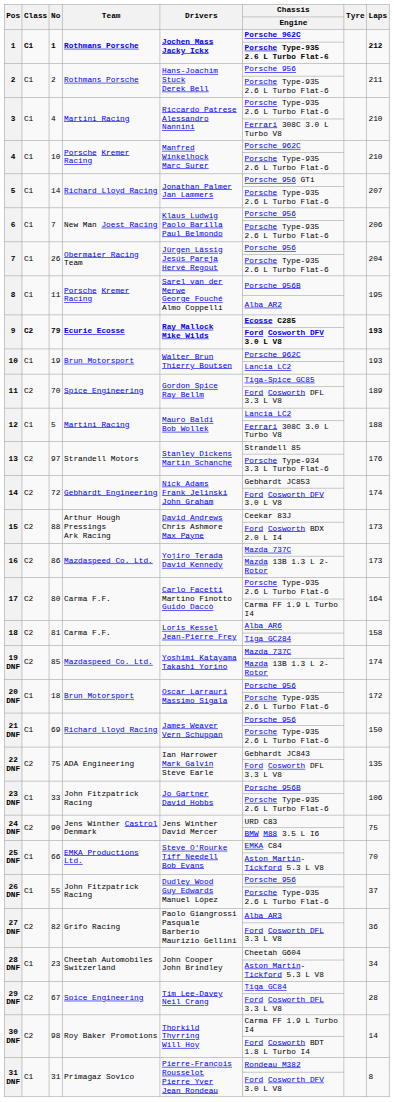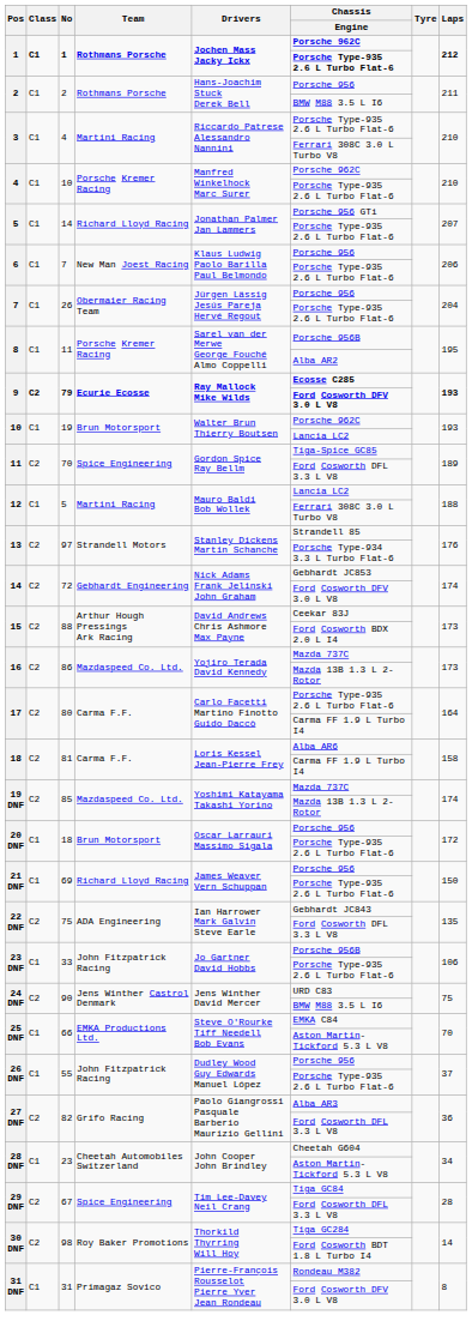 <table class="wikitable" style="font-size: 95%;">
 <tr>
 <th rowspan=2>Pos</th>
 <th rowspan=2>Class</th>
 <th rowspan=2>No</th>
 <th rowspan=2>Team</th>
 <th rowspan=2>Drivers</th>
 <th>Chassis</th>
 <th rowspan=2>Tyre</th>
 <th rowspan=2>Laps</th>
 </tr>
 <tr>
 <th>Engine</th>
 </tr>
 <tr style="font-weight:bold">
 <th rowspan=2>1</th>
 <td rowspan=2>C1</td>
 <td rowspan=2>1</td>
 <td rowspan=2> <a href='#'>Rothmans Porsche</a></td>
 <td rowspan=2> <a href='#'>Jochen Mass</a><br> <a href='#'>Jacky Ickx</a></td>
 <td><a href='#'>Porsche 962C</a></td>
 <td rowspan=2></td>
 <td rowspan=2>212</td>
 </tr>
 <tr style="font-weight:bold">
 <td><a href='#'>Porsche</a> Type-935 2.6 L Turbo Flat-6</td>
 </tr>
 <tr>
 <th rowspan=2>2</th>
 <td rowspan=2>C1</td>
 <td rowspan=2>2</td>
 <td rowspan=2> <a href='#'>Rothmans Porsche</a></td>
 <td rowspan=2> <a href='#'>Hans-Joachim Stuck</a><br> <a href='#'>Derek Bell</a></td>
 <td><a href='#'>Porsche 956</a></td>
 <td rowspan=2></td>
 <td rowspan=2>211</td>
 </tr>
 <tr>
-<td><a href='#'>Porsche</a> Type-935 2.6 L Turbo Flat-6</td>
+<td><a href='#'>BMW</a> <a href='#'>M88</a> 3.5 L I6</td>
 </tr>
 <tr>
 <th rowspan=2>3</th>
 <td rowspan=2>C1</td>
 <td rowspan=2>4</td>
 <td rowspan=2> <a href='#'>Martini Racing</a></td>
 <td rowspan=2> <a href='#'>Riccardo Patrese</a><br> <a href='#'>Alessandro Nannini</a></td>
 <td><a href='#'>Porsche</a> Type-935 2.6 L Turbo Flat-6</td>
 <td rowspan=2></td>
 <td rowspan=2>210</td>
 </tr>
 <tr>
 <td><a href='#'>Ferrari</a> 308C 3.0 L Turbo V8</td>
 </tr>
 <tr>
 <th rowspan=2>4</th>
 <td rowspan=2>C1</td>
 <td rowspan=2>10</td>
 <td rowspan=2> <a href='#'>Porsche</a> <a href='#'>Kremer Racing</a></td>
 <td rowspan=2> <a href='#'>Manfred Winkelhock</a><br> <a href='#'>Marc Surer</a></td>
 <td><a href='#'>Porsche 962C</a></td>
 <td rowspan=2></td>
 <td rowspan=2>210</td>
 </tr>
 <tr>
 <td><a href='#'>Porsche</a> Type-935 2.6 L Turbo Flat-6</td>
 </tr>
 <tr>
 <th rowspan=2>5</th>
 <td rowspan=2>C1</td>
 <td rowspan=2>14</td>
 <td rowspan=2> <a href='#'>Richard Lloyd Racing</a></td>
 <td rowspan=2> <a href='#'>Jonathan Palmer</a><br> <a href='#'>Jan Lammers</a></td>
 <td><a href='#'>Porsche 956</a> GTi</td>
 <td rowspan=2></td>
 <td rowspan=2>207</td>
 </tr>
 <tr>
 <td><a href='#'>Porsche</a> Type-935 2.6 L Turbo Flat-6</td>
 </tr>
 <tr>
 <th rowspan=2>6</th>
 <td rowspan=2>C1</td>
 <td rowspan=2>7</td>
 <td rowspan=2> New Man <a href='#'>Joest Racing</a></td>
 <td rowspan=2> <a href='#'>Klaus Ludwig</a><br> <a href='#'>Paolo Barilla</a><br> <a href='#'>Paul Belmondo</a></td>
 <td><a href='#'>Porsche 956</a></td>
 <td rowspan=2></td>
 <td rowspan=2>206</td>
 </tr>
 <tr>
 <td><a href='#'>Porsche</a> Type-935 2.6 L Turbo Flat-6</td>
 </tr>
 <tr>
 <th rowspan=2>7</th>
 <td rowspan=2>C1</td>
 <td rowspan=2>26</td>
 <td rowspan=2> <a href='#'>Obermaier Racing</a> Team</td>
 <td rowspan=2> <a href='#'>Jürgen Lässig</a><br> <a href='#'>Jesús Pareja</a><br> <a href='#'>Hervé Regout</a></td>
 <td><a href='#'>Porsche 956</a></td>
 <td rowspan=2></td>
 <td rowspan=2>204</td>
 </tr>
 <tr>
 <td><a href='#'>Porsche</a> Type-935 2.6 L Turbo Flat-6</td>
 </tr>
 <tr>
 <th rowspan=2>8</th>
 <td rowspan=2>C1</td>
 <td rowspan=2>11</td>
 <td rowspan=2> <a href='#'>Porsche</a> <a href='#'>Kremer Racing</a></td>
 <td rowspan=2> <a href='#'>Sarel van der Merwe</a><br> <a href='#'>George Fouché</a><br> Almo Coppelli</td>
 <td><a href='#'>Porsche 956B</a></td>
 <td rowspan=2></td>
 <td rowspan=2>195</td>
 </tr>
 <tr>
 <td><a href='#'>Alba AR2</a></td>
 </tr>
 <tr style="font-weight:bold">
 <th rowspan=2>9</th>
 <td rowspan=2>C2</td>
 <td rowspan=2>79</td>
 <td rowspan=2> <a href='#'>Ecurie Ecosse</a></td>
 <td rowspan=2> <a href='#'>Ray Mallock</a><br> <a href='#'>Mike Wilds</a></td>
 <td><a href='#'>Ecosse</a> C285</td>
 <td rowspan=2></td>
 <td rowspan=2>193</td>
 </tr>
 <tr style="font-weight:bold">
 <td><a href='#'>Ford</a> <a href='#'>Cosworth DFV</a> 3.0 L V8</td>
 </tr>
 <tr>
 <th rowspan=2>10</th>
 <td rowspan=2>C1</td>
 <td rowspan=2>19</td>
 <td rowspan=2> <a href='#'>Brun Motorsport</a></td>
 <td rowspan=2> <a href='#'>Walter Brun</a><br> <a href='#'>Thierry Boutsen</a></td>
 <td><a href='#'>Porsche 962C</a></td>
 <td rowspan=2></td>
 <td rowspan=2>193</td>
 </tr>
 <tr>
 <td><a href='#'>Lancia LC2</a></td>
 </tr>
 <tr>
 <th rowspan=2>11</th>
 <td rowspan=2>C2</td>
 <td rowspan=2>70</td>
 <td rowspan=2> <a href='#'>Spice Engineering</a></td>
 <td rowspan=2> <a href='#'>Gordon Spice</a><br> <a href='#'>Ray Bellm</a></td>
 <td><a href='#'>Tiga-Spice GC85</a></td>
 <td rowspan=2></td>
 <td rowspan=2>189</td>
 </tr>
 <tr>
 <td><a href='#'>Ford</a> <a href='#'>Cosworth</a> DFL 3.3 L V8</td>
 </tr>
 <tr>
 <th rowspan=2>12</th>
 <td rowspan=2>C1</td>
 <td rowspan=2>5</td>
 <td rowspan=2> <a href='#'>Martini Racing</a></td>
 <td rowspan=2> <a href='#'>Mauro Baldi</a><br> <a href='#'>Bob Wollek</a></td>
 <td><a href='#'>Lancia LC2</a></td>
 <td rowspan=2></td>
 <td rowspan=2>188</td>
 </tr>
 <tr>
 <td><a href='#'>Ferrari</a> 308C 3.0 L Turbo V8</td>
 </tr>
 <tr>
 <th rowspan=2>13</th>
 <td rowspan=2>C2</td>
 <td rowspan=2>97</td>
 <td rowspan=2> Strandell Motors</td>
 <td rowspan=2> <a href='#'>Stanley Dickens</a><br> <a href='#'>Martin Schanche</a></td>
 <td>Strandell 85</td>
 <td rowspan=2></td>
 <td rowspan=2>176</td>
 </tr>
 <tr>
 <td><a href='#'>Porsche</a> Type-934 3.3 L Turbo Flat-6</td>
 </tr>
 <tr>
 <th rowspan=2>14</th>
 <td rowspan=2>C2</td>
 <td rowspan=2>72</td>
 <td rowspan=2> <a href='#'>Gebhardt Engineering</a></td>
 <td rowspan=2> <a href='#'>Nick Adams</a><br> <a href='#'>Frank Jelinski</a><br> <a href='#'>John Graham</a></td>
 <td>Gebhardt JC853</td>
 <td rowspan=2></td>
 <td rowspan=2>174</td>
 </tr>
 <tr>
 <td><a href='#'>Ford</a> <a href='#'>Cosworth DFV</a> 3.0 L V8</td>
 </tr>
 <tr>
 <th rowspan=2>15</th>
 <td rowspan=2>C2</td>
 <td rowspan=2>88</td>
 <td rowspan=2> Arthur Hough Pressings<br> Ark Racing</td>
 <td rowspan=2> <a href='#'>David Andrews</a><br> Chris Ashmore<br> <a href='#'>Max Payne</a></td>
 <td>Ceekar 83J</td>
 <td rowspan=2></td>
 <td rowspan=2>173</td>
 </tr>
 <tr>
 <td><a href='#'>Ford</a> <a href='#'>Cosworth</a> BDX 2.0 L I4</td>
 </tr>
 <tr>
 <th rowspan=2>16</th>
 <td rowspan=2>C2</td>
 <td rowspan=2>86</td>
 <td rowspan=2> <a href='#'>Mazdaspeed Co. Ltd.</a></td>
 <td rowspan=2> <a href='#'>Yojiro Terada</a><br> <a href='#'>David Kennedy</a></td>
 <td><a href='#'>Mazda 737C</a></td>
 <td rowspan=2></td>
 <td rowspan=2>173</td>
 </tr>
 <tr>
 <td><a href='#'>Mazda</a> 13B 1.3 L 2-<a href='#'>Rotor</a></td>
 </tr>
 <tr>
 <th rowspan=2>17</th>
 <td rowspan=2>C2</td>
 <td rowspan=2>80</td>
 <td rowspan=2> Carma F.F.</td>
 <td rowspan=2> <a href='#'>Carlo Facetti</a><br> Martino Finotto<br> <a href='#'>Guido Daccò</a></td>
 <td><a href='#'>Porsche</a> Type-935 2.6 L Turbo Flat-6</td>
 <td rowspan=2></td>
 <td rowspan=2>164</td>
 </tr>
 <tr>
 <td>Carma FF 1.9 L Turbo I4</td>
 </tr>
 <tr>
 <th rowspan=2>18</th>
 <td rowspan=2>C2</td>
 <td rowspan=2>81</td>
 <td rowspan=2> Carma F.F.</td>
 <td rowspan=2> <a href='#'>Loris Kessel</a><br> <a href='#'>Jean-Pierre Frey</a></td>
 <td><a href='#'>Alba AR6</a></td>
 <td rowspan=2></td>
 <td rowspan=2>158</td>
 </tr>
 <tr>
-<td><a href='#'>Tiga GC284</a></td>
+<td>Carma FF 1.9 L Turbo I4</td>
 </tr>
 <tr>
 <th rowspan=2>19<br>DNF</th>
 <td rowspan=2>C2</td>
 <td rowspan=2>85</td>
 <td rowspan=2> <a href='#'>Mazdaspeed Co. Ltd.</a></td>
 <td rowspan=2> <a href='#'>Yoshimi Katayama</a><br> <a href='#'>Takashi Yorino</a></td>
 <td><a href='#'>Mazda 737C</a></td>
 <td rowspan=2></td>
 <td rowspan=2>174</td>
 </tr>
 <tr>
 <td><a href='#'>Mazda</a> 13B 1.3 L 2-<a href='#'>Rotor</a></td>
 </tr>
 <tr>
 <th rowspan=2>20<br>DNF</th>
 <td rowspan=2>C1</td>
 <td rowspan=2>18</td>
 <td rowspan=2> <a href='#'>Brun Motorsport</a></td>
 <td rowspan=2> <a href='#'>Oscar Larrauri</a><br> <a href='#'>Massimo Sigala</a></td>
 <td><a href='#'>Porsche 956</a></td>
 <td rowspan=2></td>
 <td rowspan=2>172</td>
 </tr>
 <tr>
 <td><a href='#'>Porsche</a> Type-935 2.6 L Turbo Flat-6</td>
 </tr>
 <tr>
 <th rowspan=2>21<br>DNF</th>
 <td rowspan=2>C1</td>
 <td rowspan=2>69</td>
 <td rowspan=2> <a href='#'>Richard Lloyd Racing</a></td>
 <td rowspan=2> <a href='#'>James Weaver</a><br> <a href='#'>Vern Schuppan</a></td>
 <td><a href='#'>Porsche 956</a></td>
 <td rowspan=2></td>
 <td rowspan=2>150</td>
 </tr>
 <tr>
 <td><a href='#'>Porsche</a> Type-935 2.6 L Turbo Flat-6</td>
 </tr>
 <tr>
 <th rowspan=2>22<br>DNF</th>
 <td rowspan=2>C2</td>
 <td rowspan=2>75</td>
 <td rowspan=2> ADA Engineering</td>
 <td rowspan=2> Ian Harrower<br> <a href='#'>Mark Galvin</a><br> Steve Earle</td>
 <td>Gebhardt JC843</td>
 <td rowspan=2></td>
 <td rowspan=2>135</td>
 </tr>
 <tr>
 <td><a href='#'>Ford</a> <a href='#'>Cosworth</a> DFL 3.3 L V8</td>
 </tr>
 <tr>
 <th rowspan=2>23<br>DNF</th>
 <td rowspan=2>C1</td>
 <td rowspan=2>33</td>
 <td rowspan=2> John Fitzpatrick Racing</td>
 <td rowspan=2> <a href='#'>Jo Gartner</a><br> <a href='#'>David Hobbs</a></td>
 <td><a href='#'>Porsche 956B</a></td>
 <td rowspan=2></td>
 <td rowspan=2>106</td>
 </tr>
 <tr>
 <td><a href='#'>Porsche</a> Type-935 2.6 L Turbo Flat-6</td>
 </tr>
 <tr>
 <th rowspan=2>24<br>DNF</th>
 <td rowspan=2>C2</td>
 <td rowspan=2>90</td>
 <td rowspan=2> Jens Winther <a href='#'>Castrol</a> Denmark</td>
 <td rowspan=2> Jens Winther<br> David Mercer</td>
 <td>URD C83</td>
 <td rowspan=2></td>
 <td rowspan=2>75</td>
 </tr>
 <tr>
 <td><a href='#'>BMW</a> <a href='#'>M88</a> 3.5 L I6</td>
 </tr>
 <tr>
 <th rowspan=2>25<br>DNF</th>
 <td rowspan=2>C1</td>
 <td rowspan=2>66</td>
 <td rowspan=2> <a href='#'>EMKA Productions Ltd.</a></td>
 <td rowspan=2> <a href='#'>Steve O'Rourke</a><br> <a href='#'>Tiff Needell</a><br> <a href='#'>Bob Evans</a></td>
 <td><a href='#'>EMKA</a> C84</td>
 <td rowspan=2></td>
 <td rowspan=2>70</td>
 </tr>
 <tr>
 <td><a href='#'>Aston Martin</a>-<a href='#'>Tickford</a> 5.3 L V8</td>
 </tr>
 <tr>
 <th rowspan=2>26<br>DNF</th>
 <td rowspan=2>C1</td>
 <td rowspan=2>55</td>
 <td rowspan=2> John Fitzpatrick Racing</td>
 <td rowspan=2> <a href='#'>Dudley Wood</a><br> <a href='#'>Guy Edwards</a><br> Manuel López</td>
 <td><a href='#'>Porsche 956</a></td>
 <td rowspan=2></td>
 <td rowspan=2>37</td>
 </tr>
 <tr>
 <td><a href='#'>Porsche</a> Type-935 2.6 L Turbo Flat-6</td>
 </tr>
 <tr>
 <th rowspan=2>27<br>DNF</th>
 <td rowspan=2>C2</td>
 <td rowspan=2>82</td>
 <td rowspan=2> Grifo Racing</td>
 <td rowspan=2> Paolo Giangrossi<br> Pasquale Barberio<br> Maurizio Gellini</td>
 <td><a href='#'>Alba AR3</a></td>
 <td rowspan=2></td>
 <td rowspan=2>36</td>
 </tr>
 <tr>
 <td><a href='#'>Ford</a> <a href='#'>Cosworth DFL</a> 3.3 L V8</td>
 </tr>
 <tr>
 <th rowspan=2>28<br>DNF</th>
 <td rowspan=2>C1</td>
 <td rowspan=2>23</td>
 <td rowspan=2> Cheetah Automobiles Switzerland</td>
 <td rowspan=2> John Cooper<br> John Brindley</td>
 <td>Cheetah G604</td>
 <td rowspan=2></td>
 <td rowspan=2>34</td>
 </tr>
 <tr>
 <td><a href='#'>Aston Martin</a>-<a href='#'>Tickford</a> 5.3 L V8</td>
 </tr>
 <tr>
 <th rowspan=2>29<br>DNF</th>
 <td rowspan=2>C2</td>
 <td rowspan=2>67</td>
 <td rowspan=2> <a href='#'>Spice Engineering</a></td>
 <td rowspan=2> <a href='#'>Tim Lee-Davey</a><br> <a href='#'>Neil Crang</a></td>
 <td><a href='#'>Tiga GC84</a></td>
 <td rowspan=2></td>
 <td rowspan=2>28</td>
 </tr>
 <tr>
 <td><a href='#'>Ford</a> <a href='#'>Cosworth DFL</a> 3.3 L V8</td>
 </tr>
 <tr>
 <th rowspan=2>30<br>DNF</th>
 <td rowspan=2>C2</td>
 <td rowspan=2>98</td>
 <td rowspan=2> Roy Baker Promotions</td>
 <td rowspan=2> <a href='#'>Thorkild Thyrring</a><br> <a href='#'>Will Hoy</a></td>
-<td>Carma FF 1.9 L Turbo I4</td>
+<td><a href='#'>Tiga GC284</a></td>
 <td rowspan=2></td>
 <td rowspan=2>14</td>
 </tr>
 <tr>
 <td><a href='#'>Ford</a> <a href='#'>Cosworth</a> BDT 1.8 L Turbo I4</td>
 </tr>
 <tr>
 <th rowspan=2>31<br>DNF</th>
 <td rowspan=2>C1</td>
 <td rowspan=2>31</td>
 <td rowspan=2> Primagaz Sovico</td>
 <td rowspan=2> <a href='#'>Pierre-François Rousselot</a><br> <a href='#'>Pierre Yver</a><br> <a href='#'>Jean Rondeau</a></td>
 <td><a href='#'>Rondeau M382</a></td>
 <td rowspan=2></td>
 <td rowspan=2>8</td>
 </tr>
 <tr>
 <td><a href='#'>Ford</a> <a href='#'>Cosworth DFV</a> 3.0 L V8</td>
 </tr>
 </table>
